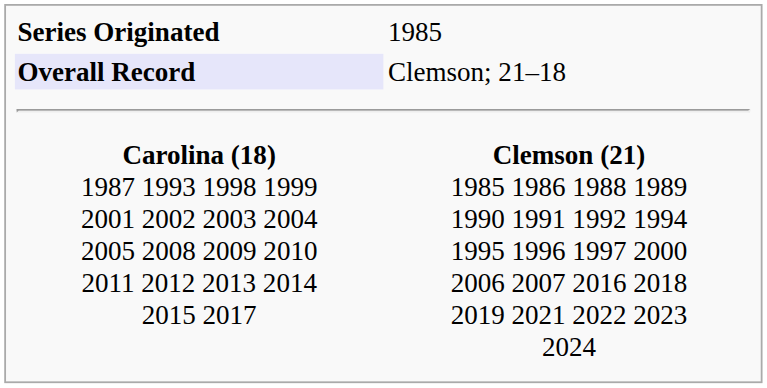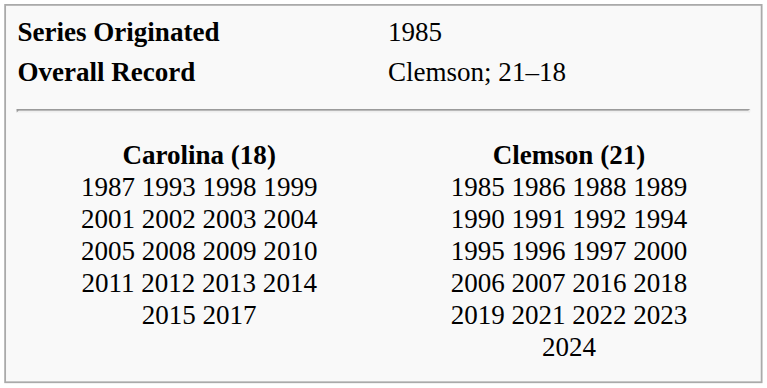 <table class="infobox" style="width: 28em; font-size: 95%;">
 <tr>
 <td><strong>Series Originated</strong></td>
 <td>1985</td>
 </tr>
 <tr>
-<td style="background: lavender;"><strong>Overall Record</strong></td>
+<td><strong>Overall Record</strong></td>
 <td>Clemson; 21–18</td>
 </tr>
 <tr>
 <td colspan="2" align="center"><hr></td>
 </tr>
 <tr>
 <td align="center" style="width:14em"></td>
 <td align="center" style="width:14em"></td>
 </tr>
 <tr>
 <td align="center"><strong>Carolina (18)</strong><br>1987 1993 1998 1999<br>2001 2002 2003 2004<br>2005 2008 2009 2010<br>2011 2012 2013 2014<br>2015 2017</td>
 <td align="center"><strong>Clemson (21)</strong><br>1985 1986 1988 1989<br>1990 1991 1992 1994<br>1995 1996 1997 2000<br>2006 2007 2016 2018<br>2019 2021 2022 2023<br>2024</td>
 </tr>
 <tr>
 <td align=center colspan="2" style="white-space: nowrap;"></td>
 </tr>
 </table>
